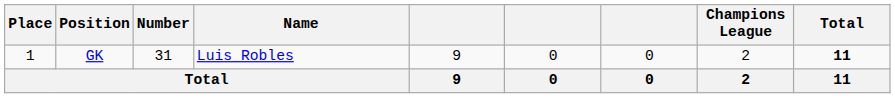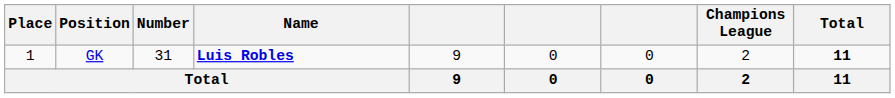 <table class="wikitable" style="font-size: 95%; text-align: center;">
 <tr>
 <th width=30>Place</th>
 <th width=30>Position</th>
 <th width=30>Number</th>
 <th width=175>Name</th>
 <th width=75></th>
 <th width=75></th>
 <th width=75></th>
 <th width=75>Champions League</th>
 <th width=75>Total</th>
 </tr>
 <tr>
 <td>1</td>
 <td><a href='#'>GK</a></td>
 <td>31</td>
-<td align="left"> <a href='#'>Luis Robles</a></td>
+<td align="left"><strong> <a href='#'>Luis Robles</a></strong></td>
 <td>9</td>
 <td>0</td>
 <td>0</td>
 <td>2</td>
 <td><strong>11</strong></td>
 </tr>
 <tr>
 <th colspan="4">Total</th>
 <th>9</th>
 <th>0</th>
 <th>0</th>
 <th>2</th>
 <th>11</th>
 </tr>
 </table>
